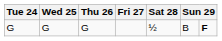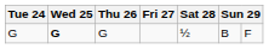 <table class="wikitable olympic-schedule handball">
 <tr>
 <th>Tue 24</th>
 <th>Wed 25</th>
 <th>Thu 26</th>
 <th>Fri 27</th>
 <th>Sat 28</th>
 <th colspan="2">Sun 29</th>
 </tr>
 <tr>
 <td class="team-group">G</td>
-<td class="team-group">G</td>
+<td class="team-group"><strong>G</strong></td>
 <td class="team-group">G</td>
 <td></td>
 <td class="team-sf">½</td>
 <td class="team-bronze">B</td>
-<td class="team-final"><strong>F</strong></td>
+<td class="team-final">F</td>
 </tr>
 </table>
